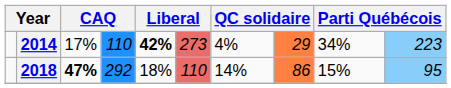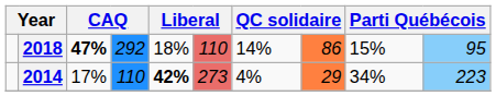 <table class="wikitable" style="float:right; width:400; font-size:90%; margin-left:1em;">
 <tr>
 <th colspan="2" scope="col">Year</th>
 <th colspan="2" scope="col"><a href='#'>CAQ</a></th>
 <th colspan="2" scope="col"><a href='#'>Liberal</a></th>
 <th colspan="2" scope="col"><a href='#'>QC solidaire</a></th>
 <th colspan="2" scope="col"><a href='#'>Parti Québécois</a></th>
+</tr>
+<tr>
+<td style="width: 0.25em; background-color: "></td>
+<th><a href='#'>2018</a></th>
+<td><strong>47%</strong></td>
+<td style="text-align:right; background:#1E90FF;"><em>292</em></td>
+<td>18%</td>
+<td style="text-align:right; background:#EA6D6A;"><em>110</em></td>
+<td>14%</td>
+<td style="text-align:right; background:#FF8040;"><em>86</em></td>
+<td>15%</td>
+<td style="text-align:right; background:#87CEFA;"><em>95</em></td>
 </tr>
 <tr>
 <td style="width: 0.25em; background-color: "></td>
 <th><a href='#'>2014</a></th>
 <td>17%</td>
 <td style="text-align:right; background:#1E90FF;"><em>110</em></td>
 <td><strong>42%</strong></td>
 <td style="text-align:right; background:#EA6D6A;"><em>273</em></td>
 <td>4%</td>
 <td style="text-align:right; background:#FF8040;"><em>29</em></td>
 <td>34%</td>
 <td style="text-align:right; background:#87CEFA;"><em>223</em></td>
 </tr>
 <tr>
-<td style="width: 0.25em; background-color: "></td>
-<th><a href='#'>2018</a></th>
-<td><strong>47%</strong></td>
-<td style="text-align:right; background:#1E90FF;"><em>292</em></td>
-<td>18%</td>
-<td style="text-align:right; background:#EA6D6A;"><em>110</em></td>
-<td>14%</td>
-<td style="text-align:right; background:#FF8040;"><em>86</em></td>
-<td>15%</td>
-<td style="text-align:right; background:#87CEFA;"><em>95</em></td>
-</tr>
-<tr>
 </tr>
 </table>
